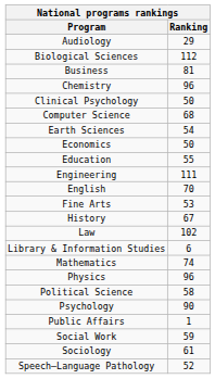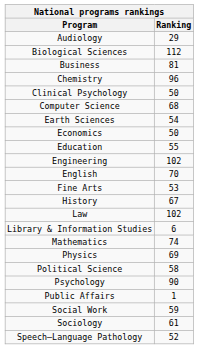 <table class="wikitable sortable collapsible collapsed" style="float:right; text-align:center">
 <tr>
 <th colspan=4>National programs rankings</th>
 </tr>
 <tr>
 <th>Program</th>
 <th>Ranking</th>
 </tr>
 <tr>
 <td>Audiology</td>
 <td>29</td>
 </tr>
 <tr>
 <td>Biological Sciences</td>
 <td>112</td>
 </tr>
 <tr>
 <td>Business</td>
 <td>81</td>
 </tr>
 <tr>
 <td>Chemistry</td>
 <td>96</td>
 </tr>
 <tr>
 <td>Clinical Psychology</td>
 <td>50</td>
 </tr>
 <tr>
 <td>Computer Science</td>
 <td>68</td>
 </tr>
 <tr>
 <td>Earth Sciences</td>
 <td>54</td>
 </tr>
 <tr>
 <td>Economics</td>
 <td>50</td>
 </tr>
 <tr>
 <td>Education</td>
 <td>55</td>
 </tr>
 <tr>
 <td>Engineering</td>
-<td>111</td>
+<td>102</td>
 </tr>
 <tr>
 <td>English</td>
 <td>70</td>
 </tr>
 <tr>
 <td>Fine Arts</td>
 <td>53</td>
 </tr>
 <tr>
 <td>History</td>
 <td>67</td>
 </tr>
 <tr>
 <td>Law</td>
 <td>102</td>
 </tr>
 <tr>
 <td>Library & Information Studies</td>
 <td>6</td>
 </tr>
 <tr>
 <td>Mathematics</td>
 <td>74</td>
 </tr>
 <tr>
 <td>Physics</td>
-<td>96</td>
+<td>69</td>
 </tr>
 <tr>
 <td>Political Science</td>
 <td>58</td>
 </tr>
 <tr>
 <td>Psychology</td>
 <td>90</td>
 </tr>
 <tr>
 <td>Public Affairs</td>
 <td>1</td>
 </tr>
 <tr>
 <td>Social Work</td>
 <td>59</td>
 </tr>
 <tr>
 <td>Sociology</td>
 <td>61</td>
 </tr>
 <tr>
 <td>Speech–Language Pathology</td>
 <td>52</td>
 </tr>
 </table>
